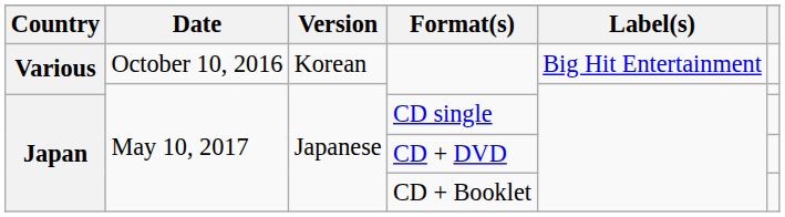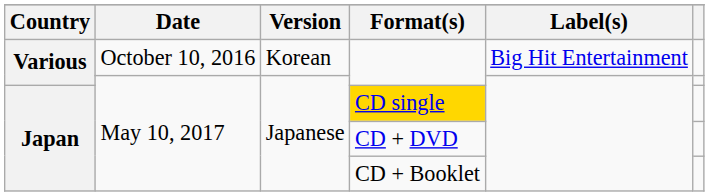 <table class="wikitable plainrowheaders" border="1">
 <tr>
 </tr>
 <tr>
 <th scope="col">Country</th>
 <th scope="col">Date</th>
 <th scope="col">Version</th>
 <th scope="col">Format(s)</th>
 <th scope="col">Label(s)</th>
 <th scope="col"></th>
 </tr>
 <tr>
 <th rowspan="2" scope="row">Various</th>
 <td>October 10, 2016</td>
 <td>Korean</td>
 <td rowspan="2"></td>
 <td><a href='#'>Big Hit Entertainment</a></td>
 <td style="text-align: center;"></td>
 </tr>
 <tr>
 <td rowspan="4">May 10, 2017</td>
 <td rowspan="4">Japanese</td>
 <td rowspan="4"></td>
 <td style="text-align: center;"></td>
 </tr>
 <tr>
 <th scope="row" rowspan="4">Japan</th>
-<td><a href='#'>CD single</a></td>
+<td style="background: gold;"><a href='#'>CD single</a></td>
 <td style="text-align: center;"></td>
 </tr>
 <tr>
 <td><a href='#'>CD</a> + <a href='#'>DVD</a></td>
 <td style="text-align: center;"></td>
 </tr>
 <tr>
 <td>CD + Booklet</td>
 <td style="text-align: center;"></td>
 </tr>
 </table>
